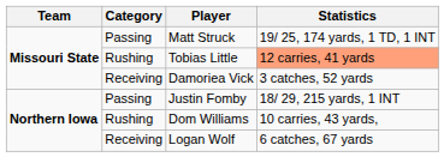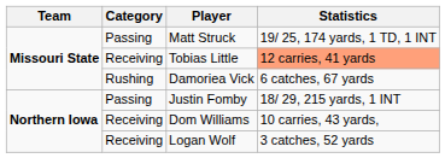 <table class="wikitable" style="float: right;">
 <tr>
 <th>Team</th>
 <th>Category</th>
 <th>Player</th>
 <th>Statistics</th>
 </tr>
 <tr>
 <td rowspan=3><strong>Missouri State</strong></td>
 <td>Passing</td>
 <td>Matt Struck</td>
 <td>19/ 25, 174 yards, 1	TD, 1 INT</td>
 </tr>
 <tr>
-<td>Rushing</td>
+<td>Receiving</td>
 <td>Tobias Little</td>
 <td style="background: lightsalmon;">12 carries, 41 yards</td>
 </tr>
 <tr>
-<td>Receiving</td>
+<td>Rushing</td>
 <td>Damoriea Vick</td>
-<td>3 catches, 52 yards</td>
+<td>6 catches, 67 yards</td>
 </tr>
 <tr>
 <td rowspan=3><strong>Northern Iowa</strong></td>
 <td>Passing</td>
 <td>Justin Fomby</td>
 <td>18/ 29, 215 yards, 1 INT</td>
 </tr>
 <tr>
-<td>Rushing</td>
+<td>Receiving</td>
 <td>Dom Williams</td>
 <td>10 carries, 43 yards,</td>
 </tr>
 <tr>
 <td>Receiving</td>
 <td>Logan Wolf</td>
-<td>6 catches, 67 yards</td>
+<td>3 catches, 52 yards</td>
 </tr>
 </table>
